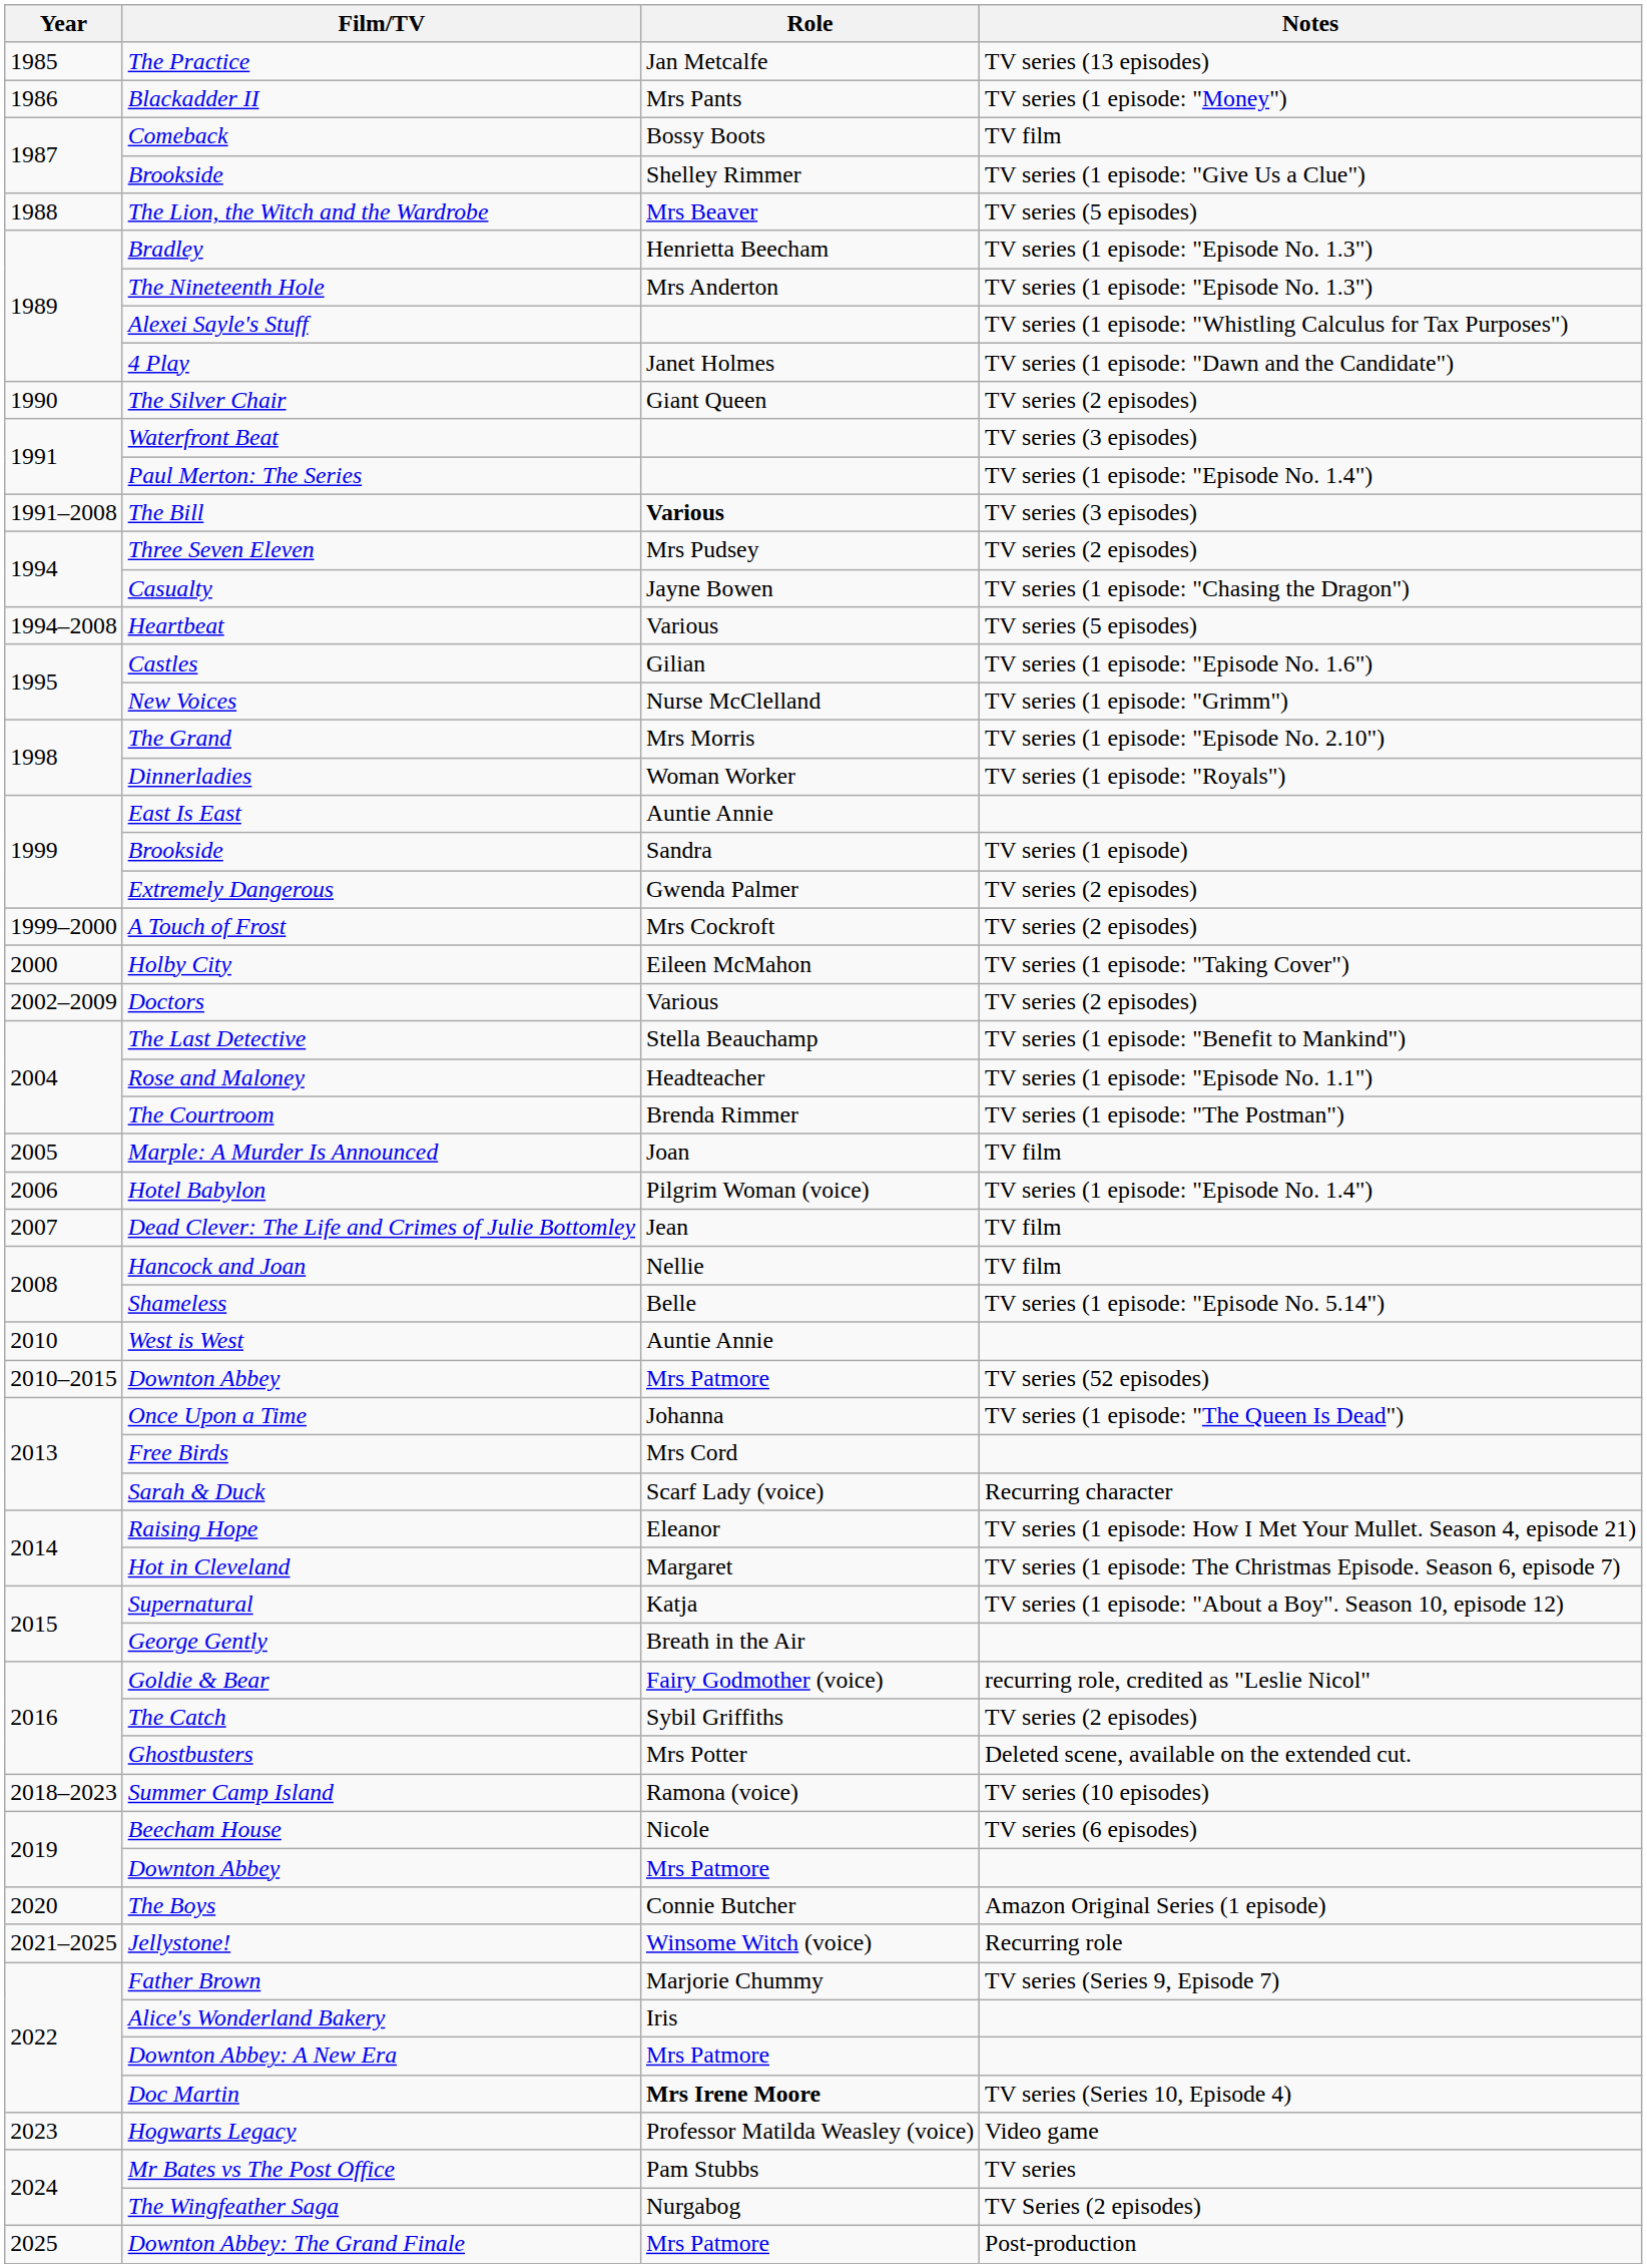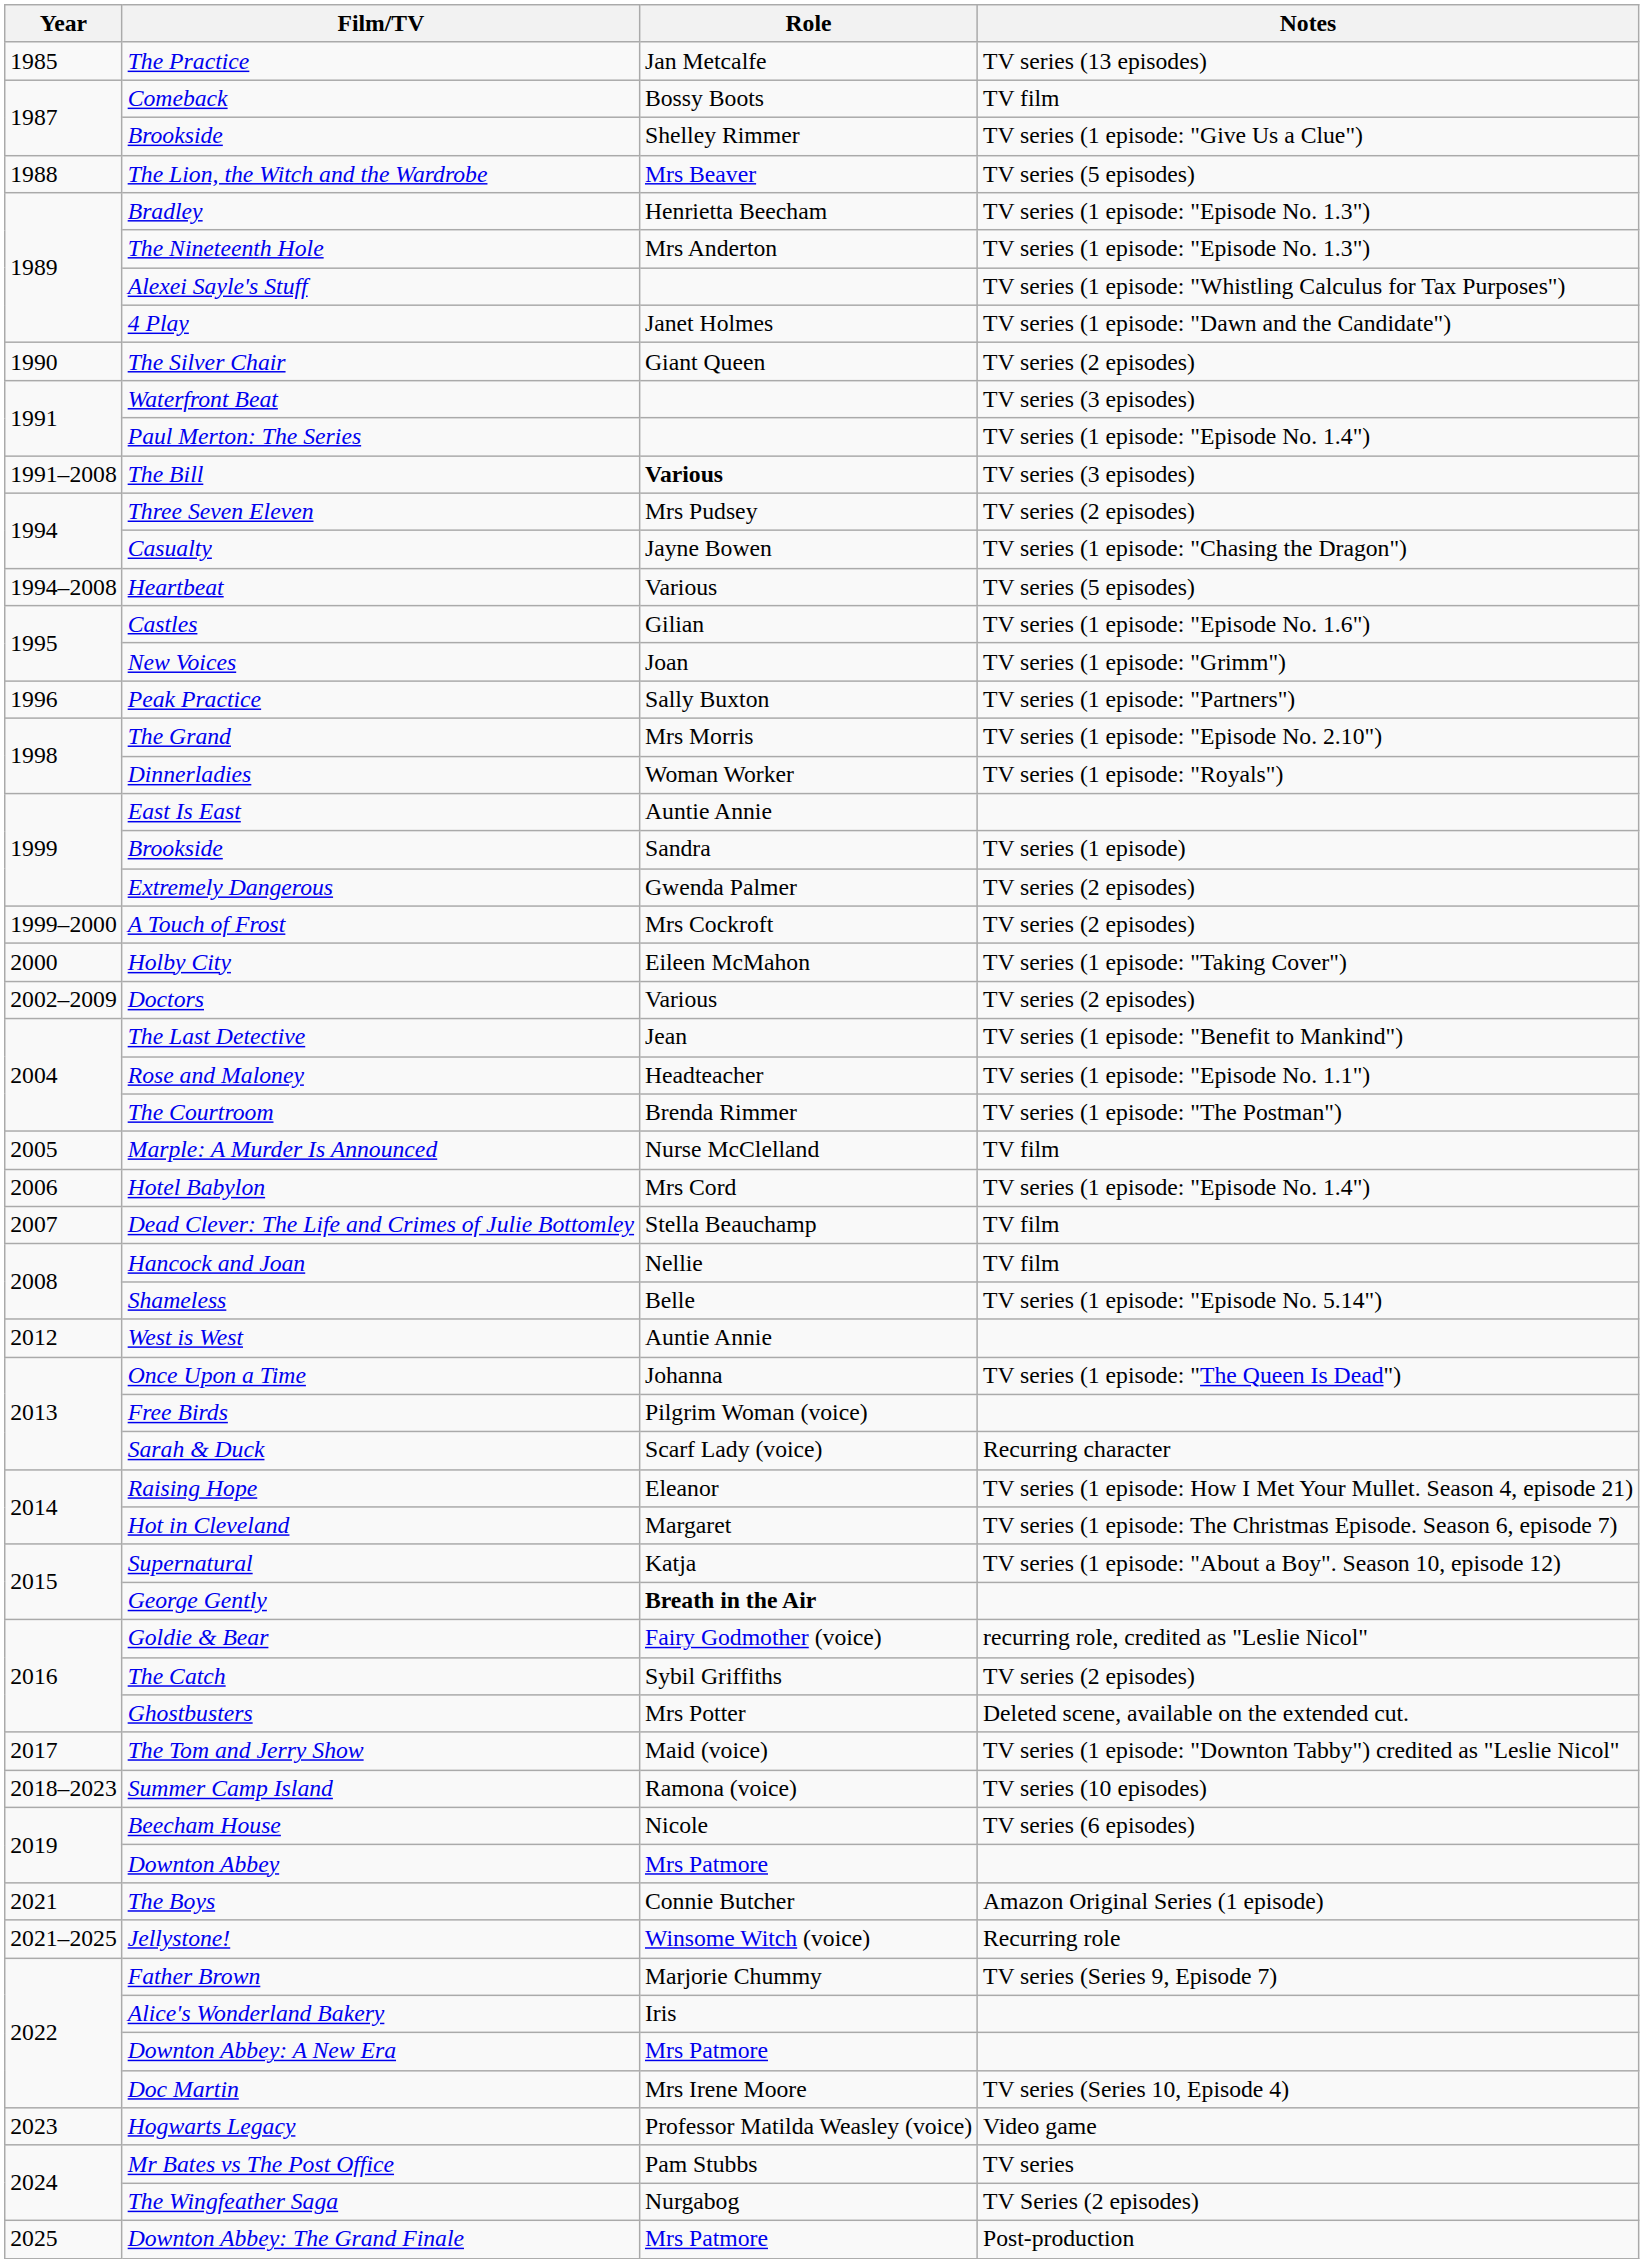 <table class="wikitable">
 <tr valign="top">
 <th>Year</th>
 <th>Film/TV</th>
 <th>Role</th>
 <th>Notes</th>
 </tr>
 <tr>
 <td>1985</td>
 <td><em><a href='#'>The Practice</a></em></td>
 <td>Jan Metcalfe</td>
 <td>TV series (13 episodes)</td>
-</tr>
-<tr>
-<td>1986</td>
-<td><em><a href='#'>Blackadder II</a></em></td>
-<td>Mrs Pants</td>
-<td>TV series (1 episode: "<a href='#'>Money</a>")</td>
 </tr>
 <tr>
 <td rowspan="2">1987</td>
 <td><em><a href='#'>Comeback</a></em></td>
 <td>Bossy Boots</td>
 <td>TV film</td>
 </tr>
 <tr>
 <td><em><a href='#'>Brookside</a></em></td>
 <td>Shelley Rimmer</td>
 <td>TV series (1 episode: "Give Us a Clue")</td>
 </tr>
 <tr>
 <td>1988</td>
 <td><em><a href='#'>The Lion, the Witch and the Wardrobe</a></em></td>
 <td><a href='#'>Mrs Beaver</a></td>
 <td>TV series (5 episodes)</td>
 </tr>
 <tr>
 <td rowspan="4">1989</td>
 <td><em><a href='#'>Bradley</a></em></td>
 <td>Henrietta Beecham</td>
 <td>TV series (1 episode: "Episode No. 1.3")</td>
 </tr>
 <tr>
 <td><em><a href='#'>The Nineteenth Hole</a></em></td>
 <td>Mrs Anderton</td>
 <td>TV series (1 episode: "Episode No. 1.3")</td>
 </tr>
 <tr>
 <td><em><a href='#'>Alexei Sayle's Stuff</a></em></td>
 <td></td>
 <td>TV series (1 episode: "Whistling Calculus for Tax Purposes")</td>
 </tr>
 <tr>
 <td><em><a href='#'>4 Play</a></em></td>
 <td>Janet Holmes</td>
 <td>TV series (1 episode: "Dawn and the Candidate")</td>
 </tr>
 <tr>
 <td>1990</td>
 <td><em><a href='#'>The Silver Chair</a></em></td>
 <td>Giant Queen</td>
 <td>TV series (2 episodes)</td>
 </tr>
 <tr>
 <td rowspan="2">1991</td>
 <td><em><a href='#'>Waterfront Beat</a></em></td>
 <td></td>
 <td>TV series (3 episodes)</td>
 </tr>
 <tr>
 <td><em><a href='#'>Paul Merton: The Series</a></em></td>
 <td></td>
 <td>TV series (1 episode: "Episode No. 1.4")</td>
 </tr>
 <tr>
 <td>1991–2008</td>
 <td><em><a href='#'>The Bill</a></em></td>
 <td><strong>Various</strong></td>
 <td>TV series (3 episodes)</td>
 </tr>
 <tr>
 <td rowspan="2">1994</td>
 <td><em><a href='#'>Three Seven Eleven</a></em></td>
 <td>Mrs Pudsey</td>
 <td>TV series (2 episodes)</td>
 </tr>
 <tr>
 <td><em><a href='#'>Casualty</a></em></td>
 <td>Jayne Bowen</td>
 <td>TV series (1 episode: "Chasing the Dragon")</td>
 </tr>
 <tr>
 <td>1994–2008</td>
 <td><em><a href='#'>Heartbeat</a></em></td>
 <td>Various</td>
 <td>TV series (5 episodes)</td>
 </tr>
 <tr>
 <td rowspan="2">1995</td>
 <td><em><a href='#'>Castles</a></em></td>
 <td>Gilian</td>
 <td>TV series (1 episode: "Episode No. 1.6")</td>
 </tr>
 <tr>
 <td><em><a href='#'>New Voices</a></em></td>
-<td>Nurse McClelland</td>
+<td>Joan</td>
 <td>TV series (1 episode: "Grimm")</td>
+</tr>
+<tr>
+<td>1996</td>
+<td><em><a href='#'>Peak Practice</a></em></td>
+<td>Sally Buxton</td>
+<td>TV series (1 episode: "Partners")</td>
 </tr>
 <tr>
 <td rowspan="2">1998</td>
 <td><em><a href='#'>The Grand</a></em></td>
 <td>Mrs Morris</td>
 <td>TV series (1 episode: "Episode No. 2.10")</td>
 </tr>
 <tr>
 <td><em><a href='#'>Dinnerladies</a></em></td>
 <td>Woman Worker</td>
 <td>TV series (1 episode: "Royals")</td>
 </tr>
 <tr>
 <td rowspan="3">1999</td>
 <td><em><a href='#'>East Is East</a></em></td>
 <td>Auntie Annie</td>
 <td></td>
 </tr>
 <tr>
 <td><em><a href='#'>Brookside</a></em></td>
 <td>Sandra</td>
 <td>TV series (1 episode)</td>
 </tr>
 <tr>
 <td><em><a href='#'>Extremely Dangerous</a></em></td>
 <td>Gwenda Palmer</td>
 <td>TV series (2 episodes)</td>
 </tr>
 <tr>
 <td>1999–2000</td>
 <td><em><a href='#'>A Touch of Frost</a></em></td>
 <td>Mrs Cockroft</td>
 <td>TV series (2 episodes)</td>
 </tr>
 <tr>
 <td>2000</td>
 <td><em><a href='#'>Holby City</a></em></td>
 <td>Eileen McMahon</td>
 <td>TV series (1 episode: "Taking Cover")</td>
 </tr>
 <tr>
 <td>2002–2009</td>
 <td><em><a href='#'>Doctors</a></em></td>
 <td>Various</td>
 <td>TV series (2 episodes)</td>
 </tr>
 <tr>
 <td rowspan="3">2004</td>
 <td><em><a href='#'>The Last Detective</a></em></td>
-<td>Stella Beauchamp</td>
+<td>Jean</td>
 <td>TV series (1 episode: "Benefit to Mankind")</td>
 </tr>
 <tr>
 <td><em><a href='#'>Rose and Maloney</a></em></td>
 <td>Headteacher</td>
 <td>TV series (1 episode: "Episode No. 1.1")</td>
 </tr>
 <tr>
 <td><em><a href='#'>The Courtroom</a></em></td>
 <td>Brenda Rimmer</td>
 <td>TV series (1 episode: "The Postman")</td>
 </tr>
 <tr>
 <td rowspan"1">2005</td>
 <td><em><a href='#'>Marple: A Murder Is Announced</a></em></td>
-<td>Joan</td>
+<td>Nurse McClelland</td>
 <td>TV film</td>
 </tr>
 <tr>
 <td rowspan="1”">2006</td>
 <td><em><a href='#'>Hotel Babylon</a></em></td>
-<td>Pilgrim Woman (voice)</td>
+<td>Mrs Cord</td>
 <td>TV series (1 episode: "Episode No. 1.4")</td>
 </tr>
 <tr>
 <td>2007</td>
 <td><em><a href='#'>Dead Clever: The Life and Crimes of Julie Bottomley</a></em></td>
-<td>Jean</td>
+<td>Stella Beauchamp</td>
 <td>TV film</td>
 </tr>
 <tr>
 <td rowspan="2">2008</td>
 <td><em><a href='#'>Hancock and Joan</a></em></td>
 <td>Nellie</td>
 <td>TV film</td>
 </tr>
 <tr>
 <td><em><a href='#'>Shameless</a></em></td>
 <td>Belle</td>
 <td>TV series (1 episode: "Episode No. 5.14")</td>
 </tr>
 <tr>
-<td>2010</td>
+<td>2012</td>
 <td><em><a href='#'>West is West</a></em></td>
 <td>Auntie Annie</td>
 <td></td>
-</tr>
-<tr>
-<td>2010–2015</td>
-<td><em><a href='#'>Downton Abbey</a></em></td>
-<td><a href='#'>Mrs Patmore</a></td>
-<td>TV series (52 episodes)</td>
 </tr>
 <tr>
 <td rowspan="3">2013</td>
 <td><em><a href='#'>Once Upon a Time</a></em></td>
 <td>Johanna</td>
 <td>TV series (1 episode: "<a href='#'>The Queen Is Dead</a>")</td>
 </tr>
 <tr>
 <td><em><a href='#'>Free Birds</a></em></td>
-<td>Mrs Cord</td>
+<td>Pilgrim Woman (voice)</td>
 <td></td>
 </tr>
 <tr>
 <td><em><a href='#'>Sarah & Duck</a></em></td>
 <td>Scarf Lady (voice)</td>
 <td>Recurring character</td>
 </tr>
 <tr>
 <td rowspan="2">2014</td>
 <td><em><a href='#'>Raising Hope</a></em></td>
 <td>Eleanor</td>
 <td>TV series (1 episode: How I Met Your Mullet. Season 4, episode 21)</td>
 </tr>
 <tr>
 <td><em><a href='#'>Hot in Cleveland</a></em></td>
 <td>Margaret</td>
 <td>TV series (1 episode: The Christmas Episode. Season 6, episode 7)</td>
 </tr>
 <tr>
 <td rowspan="2">2015</td>
 <td><em><a href='#'>Supernatural</a></em></td>
 <td>Katja</td>
 <td>TV series (1 episode: "About a Boy". Season 10, episode 12)</td>
 </tr>
 <tr>
 <td><em><a href='#'>George Gently</a></em></td>
-<td>Breath in the Air</td>
+<td><strong>Breath in the Air</strong></td>
 <td></td>
 </tr>
 <tr>
 <td rowspan="3">2016</td>
 <td><em><a href='#'>Goldie & Bear</a></em></td>
 <td><a href='#'>Fairy Godmother</a> (voice)</td>
 <td>recurring role, credited as "Leslie Nicol"</td>
 </tr>
 <tr>
 <td><em><a href='#'>The Catch</a></em></td>
 <td>Sybil Griffiths</td>
 <td>TV series (2 episodes)</td>
 </tr>
 <tr>
 <td><em><a href='#'>Ghostbusters</a></em></td>
 <td>Mrs Potter</td>
 <td>Deleted scene, available on the extended cut.</td>
 </tr>
 <tr>
+<td>2017</td>
+<td><em><a href='#'>The Tom and Jerry Show</a></em></td>
+<td>Maid (voice)</td>
+<td>TV series (1 episode: "Downton Tabby") credited as "Leslie Nicol"</td>
+</tr>
+<tr>
 <td>2018–2023</td>
 <td><em><a href='#'>Summer Camp Island</a></em></td>
 <td>Ramona (voice)</td>
 <td>TV series (10 episodes)</td>
 </tr>
 <tr>
 <td rowspan="2">2019</td>
 <td><em><a href='#'>Beecham House</a></em></td>
 <td>Nicole</td>
 <td>TV series (6 episodes)</td>
 </tr>
 <tr>
 <td><em><a href='#'>Downton Abbey</a></em></td>
 <td><a href='#'>Mrs Patmore</a></td>
 <td></td>
 </tr>
 <tr>
-<td>2020</td>
+<td>2021</td>
 <td><em><a href='#'>The Boys</a></em></td>
 <td>Connie Butcher</td>
 <td>Amazon Original Series (1 episode)</td>
 </tr>
 <tr>
 <td>2021–2025</td>
 <td><em><a href='#'>Jellystone!</a></em></td>
 <td><a href='#'>Winsome Witch</a> (voice)</td>
 <td>Recurring role</td>
 </tr>
 <tr>
 <td rowspan="4">2022</td>
 <td><em><a href='#'>Father Brown</a></em></td>
 <td>Marjorie Chummy</td>
 <td>TV series (Series 9, Episode 7)</td>
 </tr>
 <tr>
 <td><em><a href='#'>Alice's Wonderland Bakery</a></em></td>
 <td>Iris</td>
 <td></td>
 </tr>
 <tr>
 <td><em><a href='#'>Downton Abbey: A New Era</a></em></td>
 <td><a href='#'>Mrs Patmore</a></td>
 <td></td>
 </tr>
 <tr>
 <td><em><a href='#'>Doc Martin</a></em></td>
-<td><strong>Mrs Irene Moore</strong></td>
+<td>Mrs Irene Moore</td>
 <td>TV series (Series 10, Episode 4)</td>
 </tr>
 <tr>
 <td>2023</td>
 <td><em><a href='#'>Hogwarts Legacy</a></em></td>
 <td>Professor Matilda Weasley (voice)</td>
 <td>Video game</td>
 </tr>
 <tr>
 <td rowspan="2">2024</td>
 <td><em><a href='#'>Mr Bates vs The Post Office</a></em></td>
 <td>Pam Stubbs</td>
 <td>TV series</td>
 </tr>
 <tr>
 <td><em><a href='#'>The Wingfeather Saga</a></em></td>
 <td>Nurgabog</td>
 <td>TV Series (2 episodes)</td>
 </tr>
 <tr>
 <td>2025</td>
 <td><em><a href='#'>Downton Abbey: The Grand Finale</a></em></td>
 <td><a href='#'>Mrs Patmore</a></td>
 <td>Post-production</td>
 </tr>
 </table>
